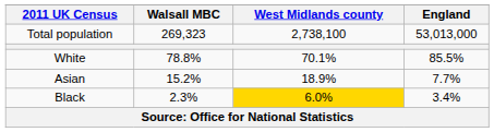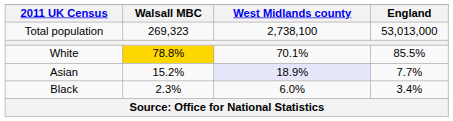 <table class="wikitable" id="toc" style="float: right; margin-left: 1em; width: 40%; text-align:center" cellspacing="5">
 <tr>
 </tr>
 <tr Walsall MBC Compared>
 </tr>
 <tr>
 <th><a href='#'>2011 UK Census</a></th>
 <th>Walsall MBC</th>
 <th><a href='#'>West Midlands county</a></th>
 <th>England</th>
 </tr>
 <tr>
 <td>Total population</td>
 <td>269,323</td>
 <td>2,738,100</td>
 <td>53,013,000</td>
 </tr>
 <tr>
 <th colspan="5"></th>
 </tr>
 <tr>
 <td>White</td>
-<td>78.8%</td>
+<td style="background: gold;">78.8%</td>
 <td>70.1%</td>
 <td>85.5%</td>
 </tr>
 <tr>
 <td>Asian</td>
 <td>15.2%</td>
-<td>18.9%</td>
+<td style="background: lavender;">18.9%</td>
 <td>7.7%</td>
 </tr>
 <tr>
 <td>Black</td>
 <td>2.3%</td>
-<td style="background: gold;">6.0%</td>
+<td>6.0%</td>
 <td>3.4%</td>
 </tr>
 <tr>
 <th colspan="5" style="">Source: Office for National Statistics</th>
 </tr>
 </table>
